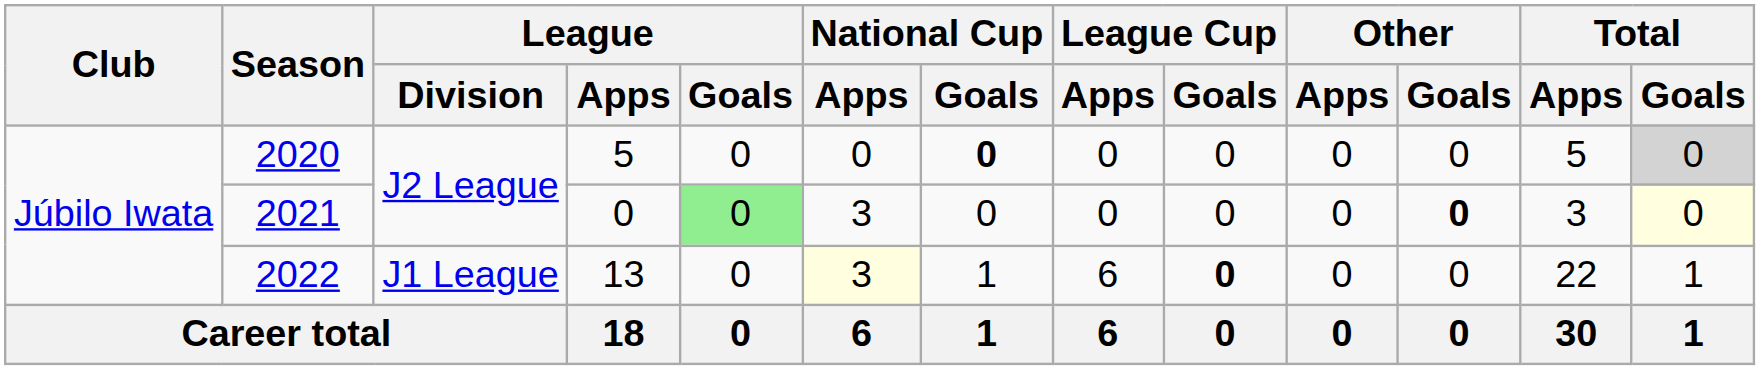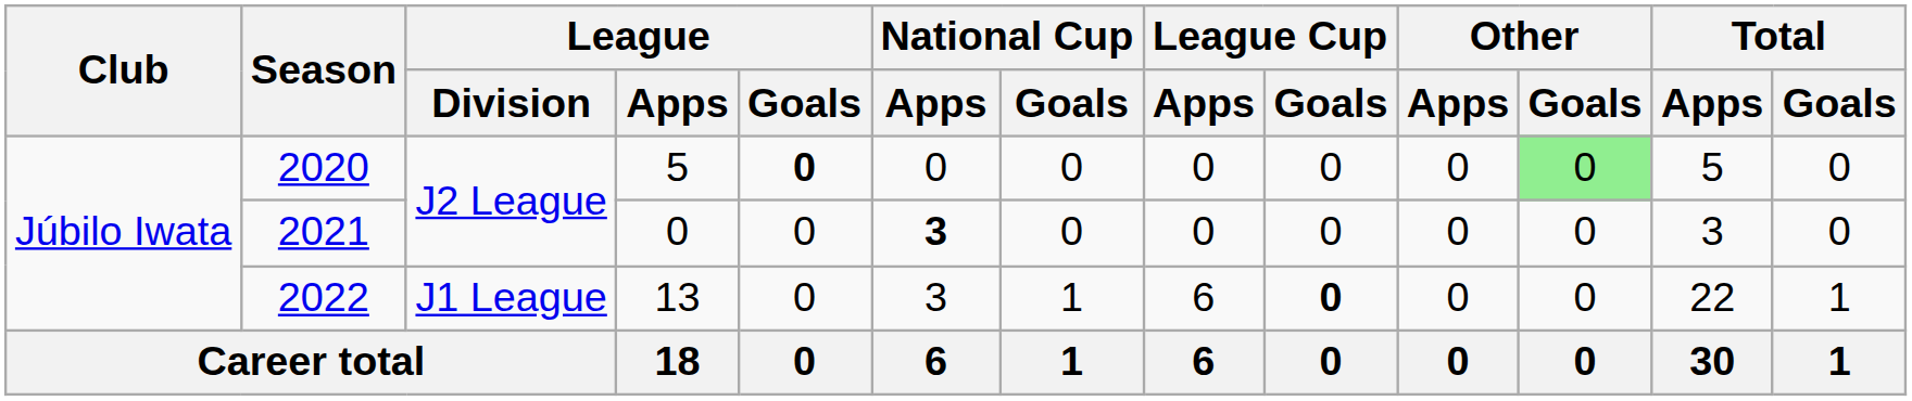 <table class="wikitable" style="text-align: center">
 <tr>
 <th rowspan="2">Club</th>
 <th rowspan="2">Season</th>
 <th colspan="3">League</th>
 <th colspan="2">National Cup</th>
 <th colspan="2">League Cup</th>
 <th colspan="2">Other</th>
 <th colspan="2">Total</th>
 </tr>
 <tr>
 <th>Division</th>
 <th>Apps</th>
 <th>Goals</th>
 <th>Apps</th>
 <th>Goals</th>
 <th>Apps</th>
 <th>Goals</th>
 <th>Apps</th>
 <th>Goals</th>
 <th>Apps</th>
 <th>Goals</th>
 </tr>
 <tr>
 <td rowspan="3"><a href='#'>Júbilo Iwata</a></td>
 <td><a href='#'>2020</a></td>
 <td rowspan="2"><a href='#'>J2 League</a></td>
 <td>5</td>
-<td>0</td>
-<td>0</td>
 <td><strong>0</strong></td>
 <td>0</td>
 <td>0</td>
 <td>0</td>
 <td>0</td>
+<td>0</td>
+<td style="background: lightgreen;">0</td>
 <td>5</td>
-<td style="background: lightgrey;">0</td>
+<td>0</td>
 </tr>
 <tr>
 <td><a href='#'>2021</a></td>
 <td>0</td>
-<td style="background: lightgreen;">0</td>
-<td>3</td>
+<td>0</td>
+<td><strong>3</strong></td>
 <td>0</td>
 <td>0</td>
 <td>0</td>
 <td>0</td>
-<td><strong>0</strong></td>
+<td>0</td>
 <td>3</td>
-<td style="background: lightyellow;">0</td>
+<td>0</td>
 </tr>
 <tr>
 <td><a href='#'>2022</a></td>
 <td><a href='#'>J1 League</a></td>
 <td>13</td>
 <td>0</td>
-<td style="background: lightyellow;">3</td>
+<td>3</td>
 <td>1</td>
 <td>6</td>
 <td><strong>0</strong></td>
 <td>0</td>
 <td>0</td>
 <td>22</td>
 <td>1</td>
 </tr>
 <tr>
 <th colspan="3">Career total</th>
 <th>18</th>
 <th>0</th>
 <th>6</th>
 <th>1</th>
 <th>6</th>
 <th>0</th>
 <th>0</th>
 <th>0</th>
 <th>30</th>
 <th>1</th>
 </tr>
 </table>
